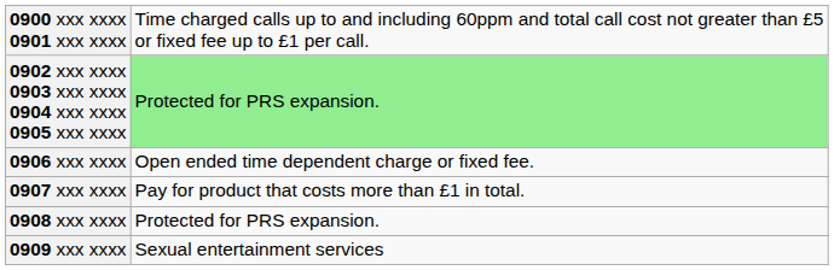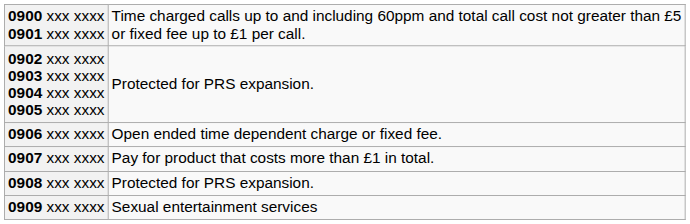 <table class="wikitable" style="width: auto; margin-left: 1.5em;">
 <tr>
 <th scope="row" style="font-weight: normal;"><strong>0900</strong> xxx xxxx<br><strong>0901</strong> xxx xxxx</th>
 <td>Time charged calls up to and including 60ppm and total call cost not greater than £5<br>or fixed fee up to £1 per call.</td>
 </tr>
 <tr>
 <th scope="row" style="font-weight: normal;"><strong>0902</strong> xxx xxxx<br><strong>0903</strong> xxx xxxx<br><strong>0904</strong> xxx xxxx<br><strong>0905</strong> xxx xxxx</th>
-<td style="background: lightgreen;">Protected for PRS expansion.</td>
+<td>Protected for PRS expansion.</td>
 </tr>
 <tr>
 <th scope="row" style="font-weight: normal;"><strong>0906</strong> xxx xxxx</th>
 <td>Open ended time dependent charge or fixed fee.</td>
 </tr>
 <tr>
 <th scope="row" style="font-weight: normal;"><strong>0907</strong> xxx xxxx</th>
 <td>Pay for product that costs more than £1 in total.</td>
 </tr>
 <tr>
 <th scope="row" style="font-weight: normal;"><strong>0908</strong> xxx xxxx</th>
 <td>Protected for PRS expansion.</td>
 </tr>
 <tr>
 <th scope="row" style="font-weight: normal;"><strong>0909</strong> xxx xxxx</th>
 <td>Sexual entertainment services</td>
 </tr>
 </table>
